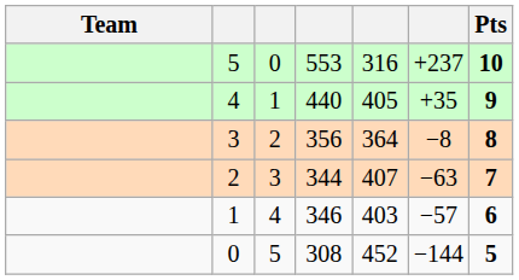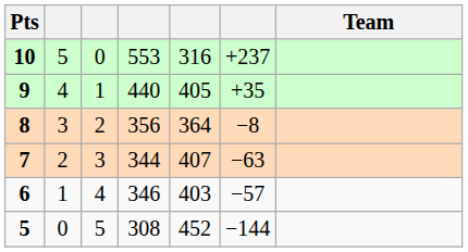 <table class="wikitable" style="text-align:center;">
 <tr>
-<th width=130>Team</th>
+<th width=20>Pts</th>
 <th width=20></th>
 <th width=20></th>
 <th width=30></th>
 <th width=30></th>
 <th width=30></th>
-<th width=20>Pts</th>
+<th width=130>Team</th>
 </tr>
 <tr bgcolor="#ccffcc">
-<td align=left></td>
+<td><strong>10</strong></td>
 <td>5</td>
 <td>0</td>
 <td>553</td>
 <td>316</td>
 <td>+237</td>
-<td><strong>10</strong></td>
+<td align=left></td>
 </tr>
 <tr bgcolor="#ccffcc">
-<td align=left></td>
+<td><strong>9</strong></td>
 <td>4</td>
 <td>1</td>
 <td>440</td>
 <td>405</td>
 <td>+35</td>
-<td><strong>9</strong></td>
+<td align=left></td>
 </tr>
 <tr bgcolor="#ffdab9">
-<td align=left></td>
+<td><strong>8</strong></td>
 <td>3</td>
 <td>2</td>
 <td>356</td>
 <td>364</td>
 <td>−8</td>
-<td><strong>8</strong></td>
+<td align=left></td>
 </tr>
 <tr bgcolor="#ffdab9">
-<td align=left></td>
+<td><strong>7</strong></td>
 <td>2</td>
 <td>3</td>
 <td>344</td>
 <td>407</td>
 <td>−63</td>
-<td><strong>7</strong></td>
+<td align=left></td>
 </tr>
 <tr>
-<td align=left></td>
+<td><strong>6</strong></td>
 <td>1</td>
 <td>4</td>
 <td>346</td>
 <td>403</td>
 <td>−57</td>
-<td><strong>6</strong></td>
+<td align=left></td>
 </tr>
 <tr>
-<td align=left></td>
+<td><strong>5</strong></td>
 <td>0</td>
 <td>5</td>
 <td>308</td>
 <td>452</td>
 <td>−144</td>
-<td><strong>5</strong></td>
+<td align=left></td>
 </tr>
 </table>
